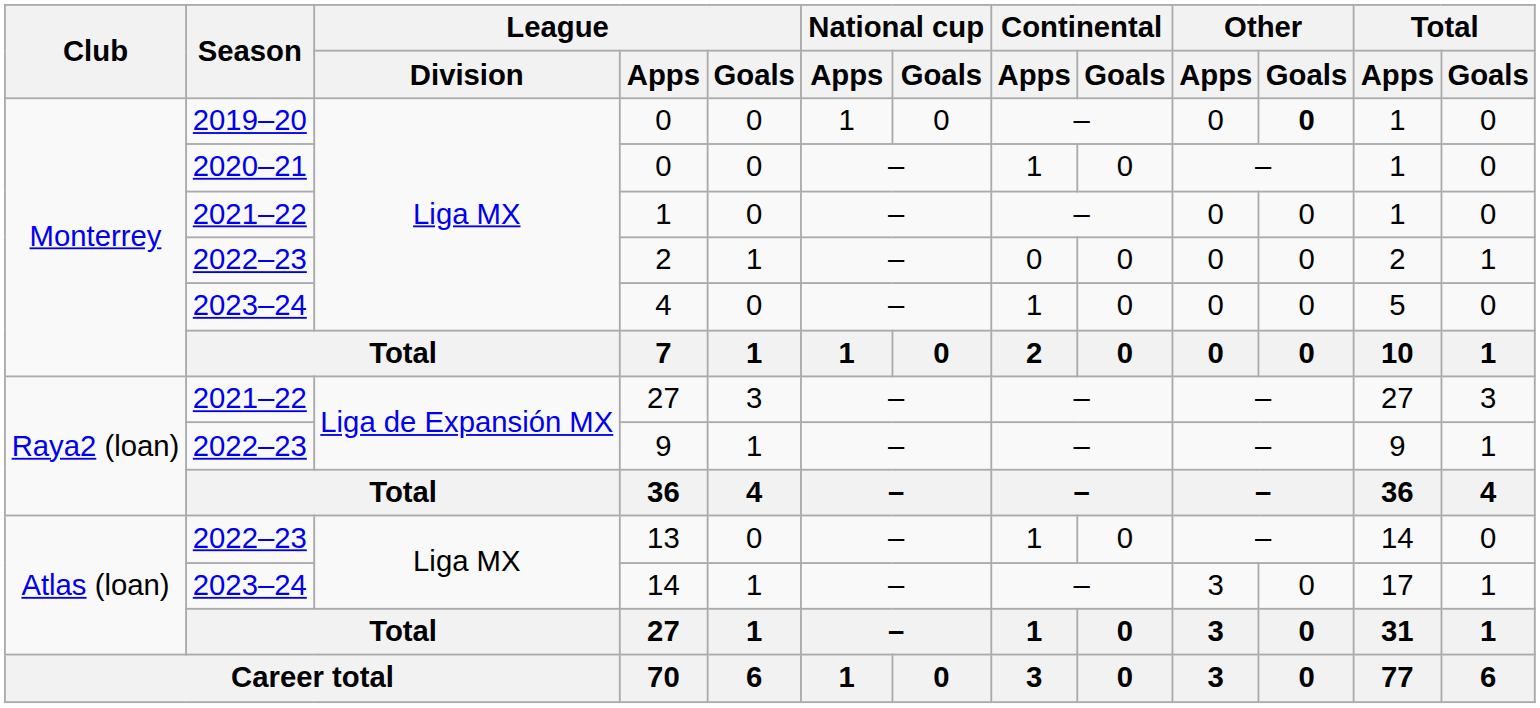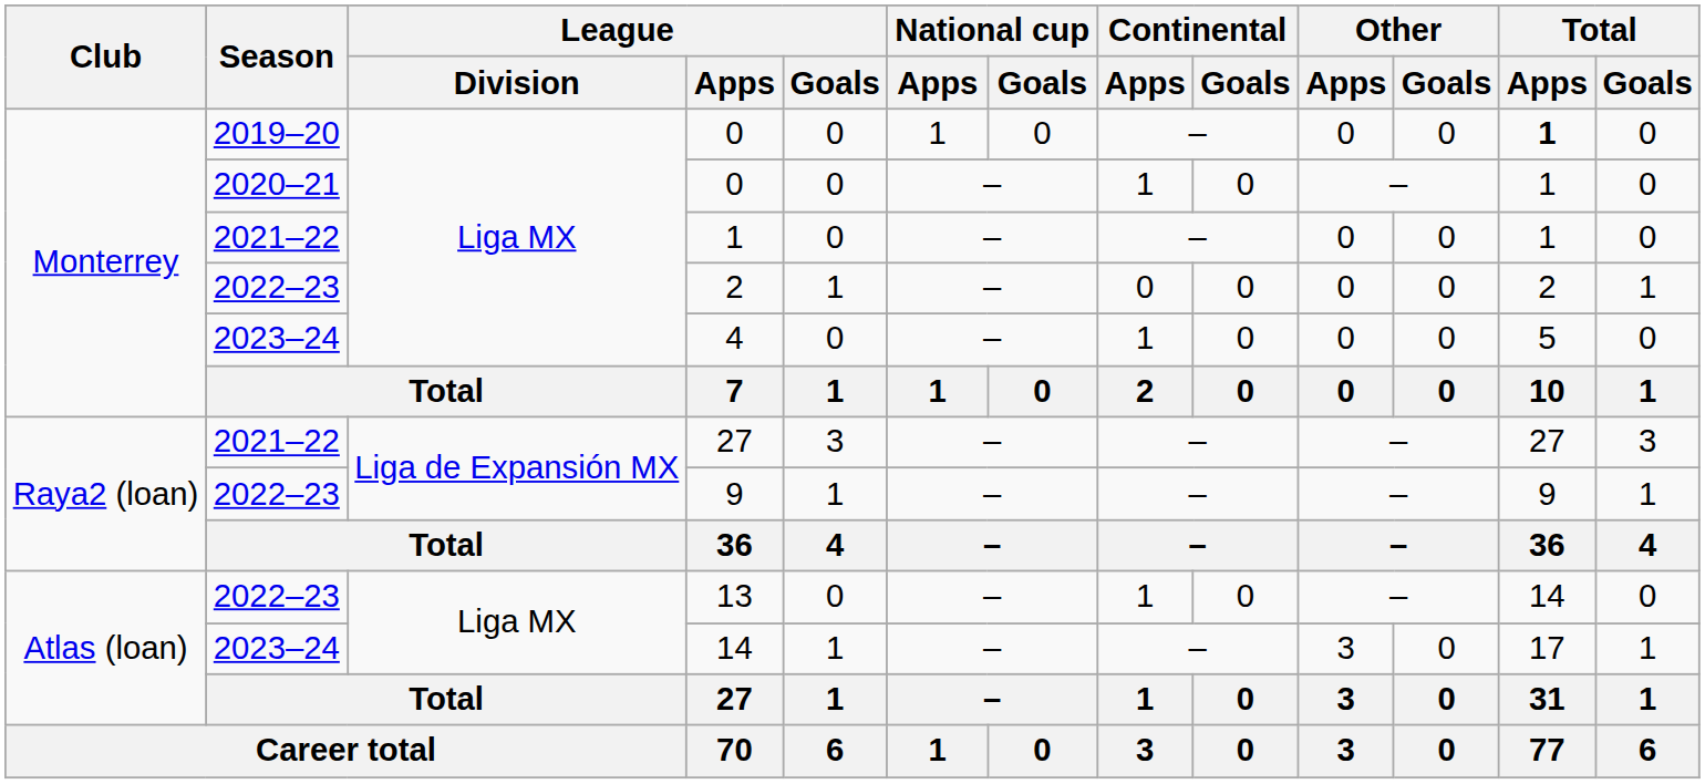 <table class="wikitable" style="text-align: center">
 <tr>
 <th rowspan="2">Club</th>
 <th rowspan="2">Season</th>
 <th colspan="3">League</th>
 <th colspan="2">National cup</th>
 <th colspan="2">Continental</th>
 <th colspan="2">Other</th>
 <th colspan="2">Total</th>
 </tr>
 <tr>
 <th>Division</th>
 <th>Apps</th>
 <th>Goals</th>
 <th>Apps</th>
 <th>Goals</th>
 <th>Apps</th>
 <th>Goals</th>
 <th>Apps</th>
 <th>Goals</th>
 <th>Apps</th>
 <th>Goals</th>
 </tr>
 <tr>
 <td rowspan="6"><a href='#'>Monterrey</a></td>
 <td><a href='#'>2019–20</a></td>
 <td rowspan="5"><a href='#'>Liga MX</a></td>
 <td>0</td>
 <td>0</td>
 <td>1</td>
 <td>0</td>
 <td colspan="2">–</td>
 <td>0</td>
-<td><strong>0</strong></td>
-<td>1</td>
+<td>0</td>
+<td><strong>1</strong></td>
 <td>0</td>
 </tr>
 <tr>
 <td><a href='#'>2020–21</a></td>
 <td>0</td>
 <td>0</td>
 <td colspan="2">–</td>
 <td>1</td>
 <td>0</td>
 <td colspan="2">–</td>
 <td>1</td>
 <td>0</td>
 </tr>
 <tr>
 <td><a href='#'>2021–22</a></td>
 <td>1</td>
 <td>0</td>
 <td colspan=2>–</td>
 <td colspan=2>–</td>
 <td>0</td>
 <td>0</td>
 <td>1</td>
 <td>0</td>
 </tr>
 <tr>
 <td><a href='#'>2022–23</a></td>
 <td>2</td>
 <td>1</td>
 <td colspan=2>–</td>
 <td>0</td>
 <td>0</td>
 <td>0</td>
 <td>0</td>
 <td>2</td>
 <td>1</td>
 </tr>
 <tr>
 <td><a href='#'>2023–24</a></td>
 <td>4</td>
 <td>0</td>
 <td colspan=2>–</td>
 <td>1</td>
 <td>0</td>
 <td>0</td>
 <td>0</td>
 <td>5</td>
 <td>0</td>
 </tr>
 <tr>
 <th colspan="2">Total</th>
 <th>7</th>
 <th>1</th>
 <th>1</th>
 <th>0</th>
 <th>2</th>
 <th>0</th>
 <th>0</th>
 <th>0</th>
 <th>10</th>
 <th>1</th>
 </tr>
 <tr>
 <td rowspan="3"><a href='#'>Raya2</a> (loan)</td>
 <td><a href='#'>2021–22</a></td>
 <td rowspan="2"><a href='#'>Liga de Expansión MX</a></td>
 <td>27</td>
 <td>3</td>
 <td colspan="2">–</td>
 <td colspan="2">–</td>
 <td colspan="2">–</td>
 <td>27</td>
 <td>3</td>
 </tr>
 <tr>
 <td><a href='#'>2022–23</a></td>
 <td>9</td>
 <td>1</td>
 <td colspan="2">–</td>
 <td colspan="2">–</td>
 <td colspan="2">–</td>
 <td>9</td>
 <td>1</td>
 </tr>
 <tr>
 <th colspan="2">Total</th>
 <th>36</th>
 <th>4</th>
 <th colspan=2>–</th>
 <th colspan=2>–</th>
 <th colspan=2>–</th>
 <th>36</th>
 <th>4</th>
 </tr>
 <tr>
 <td rowspan="3"><a href='#'>Atlas</a> (loan)</td>
 <td><a href='#'>2022–23</a></td>
 <td rowspan="2">Liga MX</td>
 <td>13</td>
 <td>0</td>
 <td colspan="2">–</td>
 <td>1</td>
 <td>0</td>
 <td colspan="2">–</td>
 <td>14</td>
 <td>0</td>
 </tr>
 <tr>
 <td><a href='#'>2023–24</a></td>
 <td>14</td>
 <td>1</td>
 <td colspan="2">–</td>
 <td colspan="2">–</td>
 <td>3</td>
 <td>0</td>
 <td>17</td>
 <td>1</td>
 </tr>
 <tr>
 <th colspan="2">Total</th>
 <th>27</th>
 <th>1</th>
 <th colspan=2>–</th>
 <th>1</th>
 <th>0</th>
 <th>3</th>
 <th>0</th>
 <th>31</th>
 <th>1</th>
 </tr>
 <tr>
 <th colspan=3>Career total</th>
 <th>70</th>
 <th>6</th>
 <th>1</th>
 <th>0</th>
 <th>3</th>
 <th>0</th>
 <th>3</th>
 <th>0</th>
 <th>77</th>
 <th>6</th>
 </tr>
 </table>
